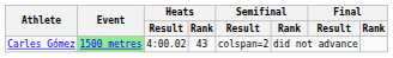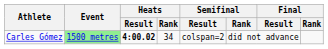 <table class="wikitable" border="1" style="font-size:90%">
 <tr>
 <th rowspan="2">Athlete</th>
 <th rowspan="2">Event</th>
 <th colspan="2">Heats</th>
 <th colspan="2">Semifinal</th>
 <th colspan="2">Final</th>
 </tr>
 <tr>
 <th>Result</th>
 <th>Rank</th>
 <th>Result</th>
 <th>Rank</th>
 <th>Result</th>
 <th>Rank</th>
 </tr>
 <tr>
 <td><a href='#'>Carles Gómez</a></td>
 <td style="background: lightgreen;"><a href='#'>1500 metres</a></td>
-<td align=center>4:00.02</td>
-<td align=center>43</td>
+<td align=center><strong>4:00.02</strong></td>
+<td align=center>34</td>
 <td>colspan=2</td>
 <td align=center colspan=2>did not advance</td>
 </tr>
 </table>
